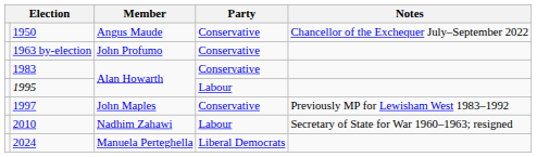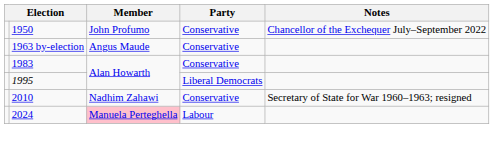 <table class="wikitable">
 <tr>
 <th colspan="2">Election</th>
 <th>Member</th>
 <th>Party</th>
 <th>Notes</th>
 </tr>
 <tr>
 <td style="color:inherit;background-color: "></td>
 <td><a href='#'>1950</a></td>
-<td><a href='#'>Angus Maude</a></td>
+<td><a href='#'>John Profumo</a></td>
 <td><a href='#'>Conservative</a></td>
 <td><a href='#'>Chancellor of the Exchequer</a> July–September 2022</td>
 </tr>
 <tr>
 <td style="color:inherit;background-color: "></td>
 <td><a href='#'>1963 by-election</a></td>
-<td><a href='#'>John Profumo</a></td>
+<td><a href='#'>Angus Maude</a></td>
 <td><a href='#'>Conservative</a></td>
 <td></td>
 </tr>
 <tr>
 <td style="color:inherit;background-color: "></td>
 <td><a href='#'>1983</a></td>
 <td rowspan="2"><a href='#'>Alan Howarth</a></td>
 <td><a href='#'>Conservative</a></td>
 <td></td>
 </tr>
 <tr>
 <td style="color:inherit;background-color: "></td>
 <td><em>1995</em></td>
-<td><a href='#'>Labour</a></td>
+<td><a href='#'>Liberal Democrats</a></td>
 <td></td>
-</tr>
-<tr>
-<td style="color:inherit;background-color: "></td>
-<td><a href='#'>1997</a></td>
-<td><a href='#'>John Maples</a></td>
-<td><a href='#'>Conservative</a></td>
-<td>Previously MP for <a href='#'>Lewisham West</a> 1983–1992</td>
 </tr>
 <tr>
 <td style="color:inherit;background-color: "></td>
 <td><a href='#'>2010</a></td>
 <td><a href='#'>Nadhim Zahawi</a></td>
-<td><a href='#'>Labour</a></td>
+<td><a href='#'>Conservative</a></td>
 <td>Secretary of State for War 1960–1963; resigned</td>
 </tr>
 <tr>
 <td style="color:inherit;background-color: "></td>
 <td><a href='#'>2024</a></td>
-<td><a href='#'>Manuela Perteghella</a></td>
-<td><a href='#'>Liberal Democrats</a></td>
+<td style="background: pink;"><a href='#'>Manuela Perteghella</a></td>
+<td><a href='#'>Labour</a></td>
 <td></td>
 </tr>
 </table>
